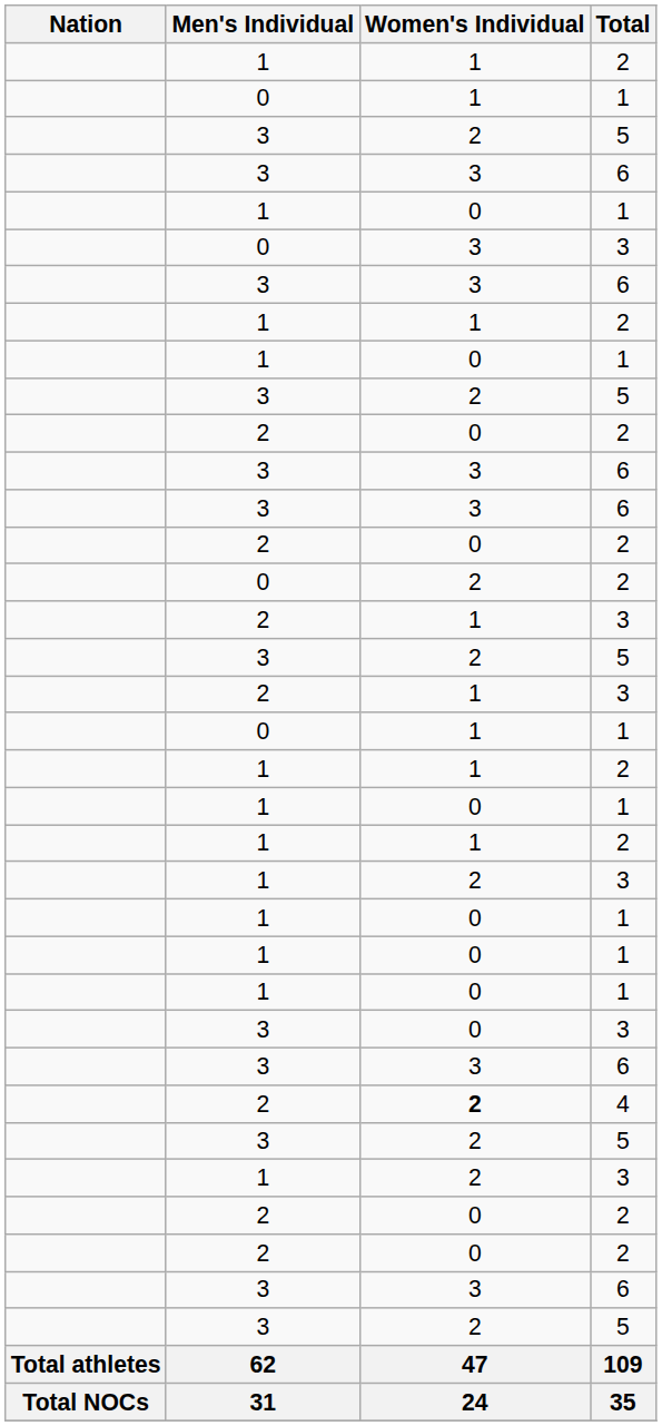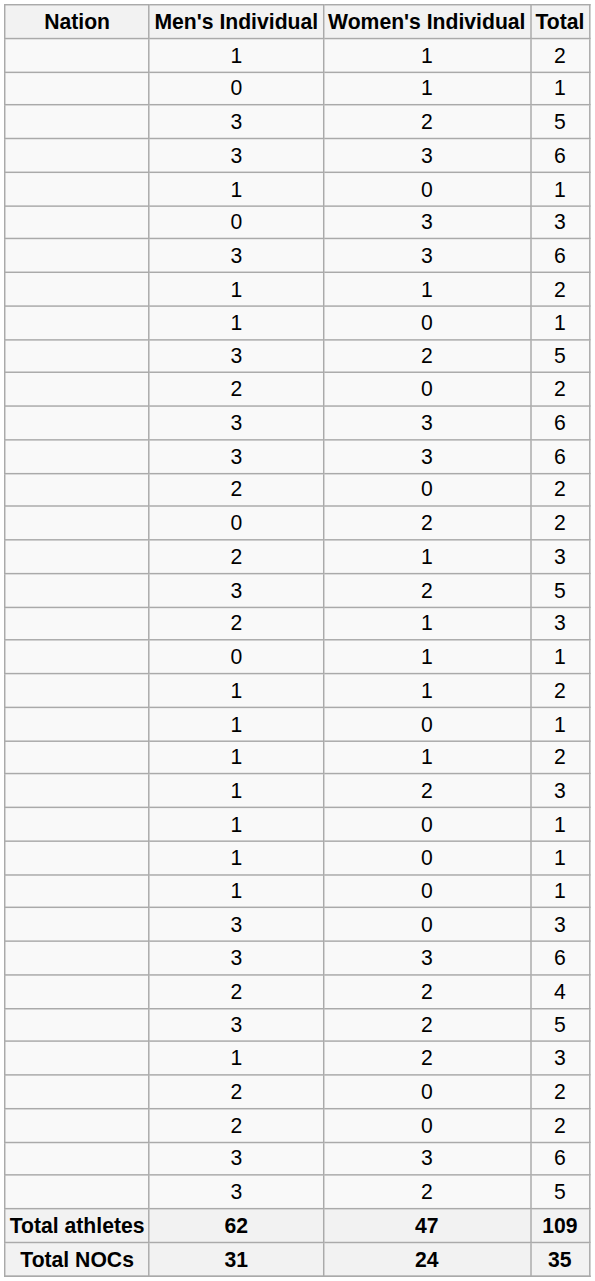 <table class="wikitable collapsible sortable" style="text-align:center; font-size:90%">
 <tr>
 <th align=left>Nation</th>
 <th>Men's Individual</th>
 <th>Women's Individual</th>
 <th>Total</th>
 </tr>
 <tr>
 <td align=left></td>
 <td>1</td>
 <td>1</td>
 <td>2</td>
 </tr>
 <tr>
 <td align=left></td>
 <td>0</td>
 <td>1</td>
 <td>1</td>
 </tr>
 <tr>
 <td align=left></td>
 <td>3</td>
 <td>2</td>
 <td>5</td>
 </tr>
 <tr>
 <td align=left></td>
 <td>3</td>
 <td>3</td>
 <td>6</td>
 </tr>
 <tr>
 <td align=left></td>
 <td>1</td>
 <td>0</td>
 <td>1</td>
 </tr>
 <tr>
 <td align=left></td>
 <td>0</td>
 <td>3</td>
 <td>3</td>
 </tr>
 <tr>
 <td align=left></td>
 <td>3</td>
 <td>3</td>
 <td>6</td>
 </tr>
 <tr>
 <td align=left></td>
 <td>1</td>
 <td>1</td>
 <td>2</td>
 </tr>
 <tr>
 <td align=left></td>
 <td>1</td>
 <td>0</td>
 <td>1</td>
 </tr>
 <tr>
 <td align=left></td>
 <td>3</td>
 <td>2</td>
 <td>5</td>
 </tr>
 <tr>
 <td align=left></td>
 <td>2</td>
 <td>0</td>
 <td>2</td>
 </tr>
 <tr>
 <td align=left></td>
 <td>3</td>
 <td>3</td>
 <td>6</td>
 </tr>
 <tr>
 <td align=left></td>
 <td>3</td>
 <td>3</td>
 <td>6</td>
 </tr>
 <tr>
 <td align=left></td>
 <td>2</td>
 <td>0</td>
 <td>2</td>
 </tr>
 <tr>
 <td align=left></td>
 <td>0</td>
 <td>2</td>
 <td>2</td>
 </tr>
 <tr>
 <td align=left></td>
 <td>2</td>
 <td>1</td>
 <td>3</td>
 </tr>
 <tr>
 <td align=left></td>
 <td>3</td>
 <td>2</td>
 <td>5</td>
 </tr>
 <tr>
 <td align=left></td>
 <td>2</td>
 <td>1</td>
 <td>3</td>
 </tr>
 <tr>
 <td align=left></td>
 <td>0</td>
 <td>1</td>
 <td>1</td>
 </tr>
 <tr>
 <td align=left></td>
 <td>1</td>
 <td>1</td>
 <td>2</td>
 </tr>
 <tr>
 <td align=left></td>
 <td>1</td>
 <td>0</td>
 <td>1</td>
 </tr>
 <tr>
 <td align=left></td>
 <td>1</td>
 <td>1</td>
 <td>2</td>
 </tr>
 <tr>
 <td align=left></td>
 <td>1</td>
 <td>2</td>
 <td>3</td>
 </tr>
 <tr>
 <td align=left></td>
 <td>1</td>
 <td>0</td>
 <td>1</td>
 </tr>
 <tr>
 <td align=left></td>
 <td>1</td>
 <td>0</td>
 <td>1</td>
 </tr>
 <tr>
 <td align=left></td>
 <td>1</td>
 <td>0</td>
 <td>1</td>
 </tr>
 <tr>
 <td align=left></td>
 <td>3</td>
 <td>0</td>
 <td>3</td>
 </tr>
 <tr>
 <td align=left></td>
 <td>3</td>
 <td>3</td>
 <td>6</td>
 </tr>
 <tr>
 <td align=left></td>
 <td>2</td>
-<td><strong>2</strong></td>
+<td>2</td>
 <td>4</td>
 </tr>
 <tr>
 <td align=left></td>
 <td>3</td>
 <td>2</td>
 <td>5</td>
 </tr>
 <tr>
 <td align=left></td>
 <td>1</td>
 <td>2</td>
 <td>3</td>
 </tr>
 <tr>
 <td align=left></td>
 <td>2</td>
 <td>0</td>
 <td>2</td>
 </tr>
 <tr>
 <td align=left></td>
 <td>2</td>
 <td>0</td>
 <td>2</td>
 </tr>
 <tr>
 <td align=left></td>
 <td>3</td>
 <td>3</td>
 <td>6</td>
 </tr>
 <tr>
 <td align=left></td>
 <td>3</td>
 <td>2</td>
 <td>5</td>
 </tr>
 <tr class="sortbottom">
 <th>Total athletes</th>
 <th>62</th>
 <th>47</th>
 <th>109</th>
 </tr>
 <tr class="sortbottom">
 <th>Total  NOCs</th>
 <th>31</th>
 <th>24</th>
 <th>35</th>
 </tr>
 <tr>
 </tr>
 </table>
